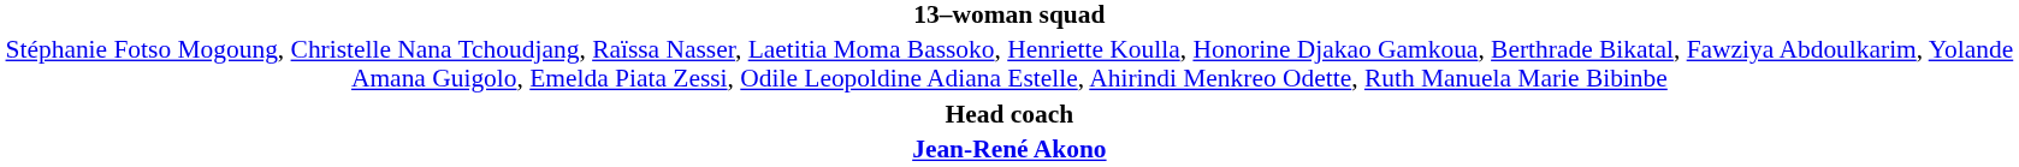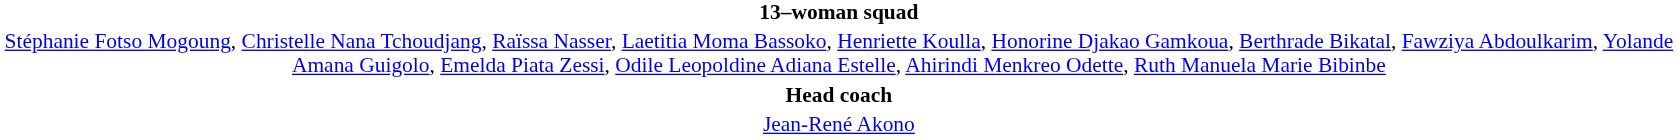 <table style="text-align: center; margin-top: 2em; margin-left: auto; margin-right: auto">
 <tr>
 <td><strong>13–woman squad</strong></td>
 </tr>
 <tr>
 <td><a href='#'>Stéphanie Fotso Mogoung</a>, <a href='#'>Christelle Nana Tchoudjang</a>, <a href='#'>Raïssa Nasser</a>, <a href='#'>Laetitia Moma Bassoko</a>, <a href='#'>Henriette Koulla</a>, <a href='#'>Honorine Djakao Gamkoua</a>, <a href='#'>Berthrade Bikatal</a>, <a href='#'>Fawziya Abdoulkarim</a>, <a href='#'>Yolande Amana Guigolo</a>, <a href='#'>Emelda Piata Zessi</a>, <a href='#'>Odile Leopoldine Adiana Estelle</a>, <a href='#'>Ahirindi Menkreo Odette</a>, <a href='#'>Ruth Manuela Marie Bibinbe</a></td>
 </tr>
 <tr>
 <td><strong>Head coach</strong></td>
 </tr>
 <tr>
-<td><strong><a href='#'>Jean-René Akono</a></strong></td>
+<td><a href='#'>Jean-René Akono</a></td>
 </tr>
 </table>
